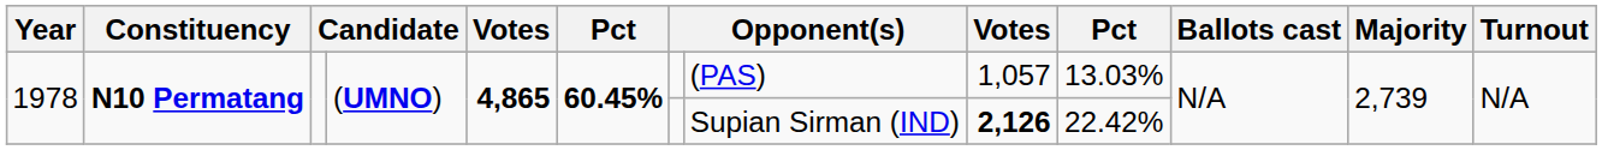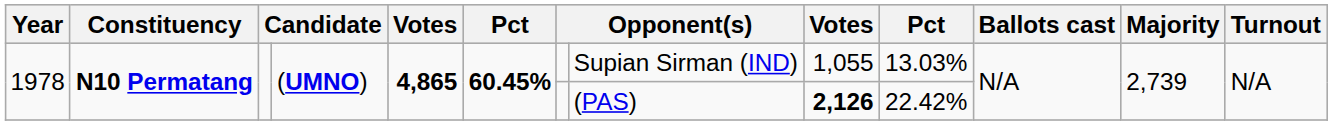 <table class="wikitable" style="margin:0.5em ; font-size:95%">
 <tr>
 <th>Year</th>
 <th>Constituency</th>
 <th colspan=2>Candidate</th>
 <th>Votes</th>
 <th>Pct</th>
 <th colspan=2>Opponent(s)</th>
 <th>Votes</th>
 <th>Pct</th>
 <th>Ballots cast</th>
 <th>Majority</th>
 <th>Turnout</th>
 </tr>
 <tr>
 <td rowspan=2>1978</td>
 <td rowspan=2><strong>N10 <a href='#'>Permatang</a></strong></td>
 <td rowspan=2 ></td>
 <td rowspan=2> (<a href='#'><strong>UMNO</strong></a>)</td>
 <td rowspan=2 align="right"><strong>4,865</strong></td>
 <td rowspan=2><strong>60.45%</strong></td>
 <td></td>
-<td> (<a href='#'>PAS</a>)</td>
-<td align="right">1,057</td>
+<td>Supian Sirman (<a href='#'>IND</a>)</td>
+<td align="right">1,055</td>
 <td>13.03%</td>
 <td rowspan=2>N/A</td>
 <td rowspan=2>2,739</td>
 <td rowspan=2>N/A</td>
 </tr>
 <tr>
 <td></td>
-<td>Supian Sirman (<a href='#'>IND</a>)</td>
+<td> (<a href='#'>PAS</a>)</td>
 <td align="right"><strong>2,126</strong></td>
 <td>22.42%</td>
 </tr>
 </table>
